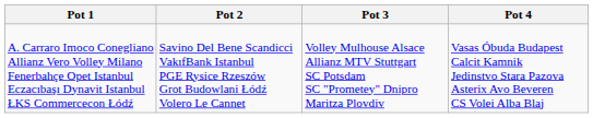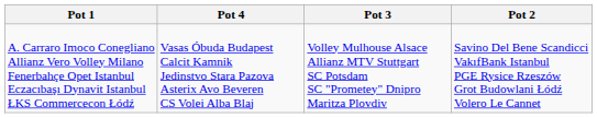 <table class="wikitable">
 <tr>
 <th width=26%>Pot 1</th>
+<th width=25%>Pot 4</th>
+<th width=25%>Pot 3</th>
 <th width=25%>Pot 2</th>
-<th width=25%>Pot 3</th>
-<th width=25%>Pot 4</th>
 </tr>
 <tr>
 <td><br> <a href='#'>A. Carraro Imoco Conegliano</a><br> <a href='#'>Allianz Vero Volley Milano</a><br>  <a href='#'>Fenerbahçe Opet Istanbul</a><br>  <a href='#'>Eczacıbaşı Dynavit Istanbul</a><br>  <a href='#'>ŁKS Commercecon Łódź</a></td>
+<td><br> <a href='#'>Vasas Óbuda Budapest</a><br>  <a href='#'>Calcit Kamnik</a><br>  <a href='#'>Jedinstvo Stara Pazova</a><br>  <a href='#'>Asterix Avo Beveren</a><br>  <a href='#'>CS Volei Alba Blaj</a></td>
+<td><br> <a href='#'>Volley Mulhouse Alsace</a><br> <a href='#'>Allianz MTV Stuttgart</a><br>  <a href='#'>SC Potsdam</a><br>  <a href='#'>SC "Prometey" Dnipro</a><br>  <a href='#'>Maritza Plovdiv</a></td>
 <td><br> <a href='#'>Savino Del Bene Scandicci</a><br>  <a href='#'>VakıfBank Istanbul</a><br> <a href='#'>PGE Rysice Rzeszów</a><br>  <a href='#'>Grot Budowlani Łódź</a><br>  <a href='#'>Volero Le Cannet</a></td>
-<td><br> <a href='#'>Volley Mulhouse Alsace</a><br> <a href='#'>Allianz MTV Stuttgart</a><br>  <a href='#'>SC Potsdam</a><br>  <a href='#'>SC "Prometey" Dnipro</a><br>  <a href='#'>Maritza Plovdiv</a></td>
-<td><br> <a href='#'>Vasas Óbuda Budapest</a><br>  <a href='#'>Calcit Kamnik</a><br>  <a href='#'>Jedinstvo Stara Pazova</a><br>  <a href='#'>Asterix Avo Beveren</a><br>  <a href='#'>CS Volei Alba Blaj</a></td>
 </tr>
 </table>
